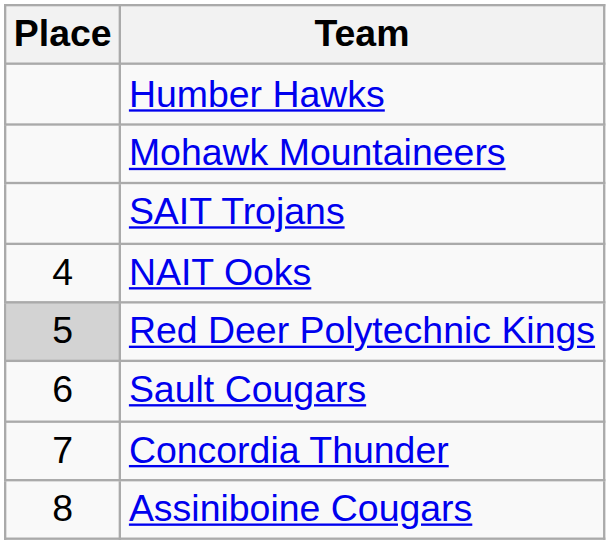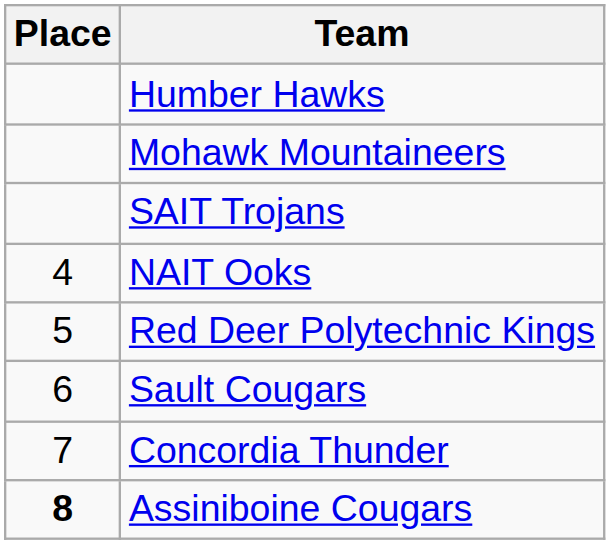 <table class="wikitable">
 <tr>
 <th>Place</th>
 <th>Team</th>
 </tr>
 <tr>
 <td align=center></td>
 <td> <a href='#'>Humber Hawks</a></td>
 </tr>
 <tr>
 <td align=center></td>
 <td> <a href='#'>Mohawk Mountaineers</a></td>
 </tr>
 <tr>
 <td align=center></td>
 <td> <a href='#'>SAIT Trojans</a></td>
 </tr>
 <tr>
 <td align=center>4</td>
 <td> <a href='#'>NAIT Ooks</a></td>
 </tr>
 <tr>
-<td align=center style="background: lightgrey;">5</td>
+<td align=center>5</td>
 <td> <a href='#'>Red Deer Polytechnic Kings</a></td>
 </tr>
 <tr>
 <td align=center>6</td>
 <td> <a href='#'>Sault Cougars</a></td>
 </tr>
 <tr>
 <td align=center>7</td>
 <td> <a href='#'>Concordia Thunder</a></td>
 </tr>
 <tr>
-<td align=center>8</td>
+<td align=center><strong>8</strong></td>
 <td> <a href='#'>Assiniboine Cougars</a></td>
 </tr>
 </table>
